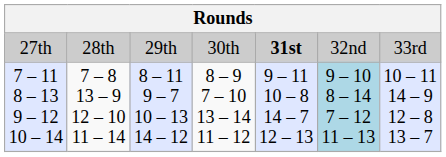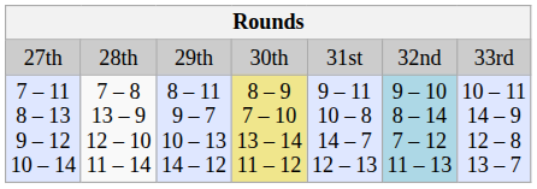 <table class="wikitable">
 <tr>
 <th colspan="10">Rounds</th>
 </tr>
 <tr>
 <td align="center" bgcolor="#CCCCCC">27th</td>
 <td align="center" bgcolor="#CCCCCC">28th</td>
 <td align="center" bgcolor="#CCCCCC">29th</td>
 <td align="center" bgcolor="#CCCCCC">30th</td>
-<td align="center" bgcolor="#CCCCCC"><strong>31st</strong></td>
+<td align="center" bgcolor="#CCCCCC">31st</td>
 <td align="center" bgcolor="#CCCCCC">32nd</td>
 <td align="center" bgcolor="#CCCCCC">33rd</td>
 </tr>
 <tr>
 <td align="center" bgcolor="#DFE7FF">7 – 11<br>8 – 13<br>9 – 12<br>10 – 14</td>
 <td align="center">7 – 8<br>13 – 9<br>12 – 10<br>11 – 14</td>
 <td align="center" bgcolor="#DFE7FF">8 – 11<br>9 – 7<br>10 – 13<br>14 – 12</td>
-<td align="center">8 – 9<br>7 – 10<br>13 – 14<br>11 – 12</td>
+<td align="center" style="background: khaki;">8 – 9<br>7 – 10<br>13 – 14<br>11 – 12</td>
 <td align="center" bgcolor="#DFE7FF">9 – 11<br>10 – 8<br>14 – 7<br>12 – 13</td>
 <td align="center" style="background: lightblue;">9 – 10<br>8 – 14<br>7 – 12<br>11 – 13</td>
 <td align="center" bgcolor="#DFE7FF">10 – 11<br>14 – 9<br>12 – 8<br>13 – 7</td>
 </tr>
 </table>
